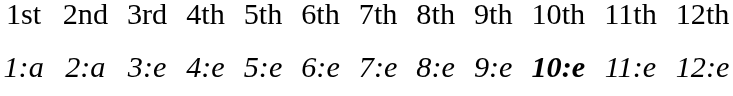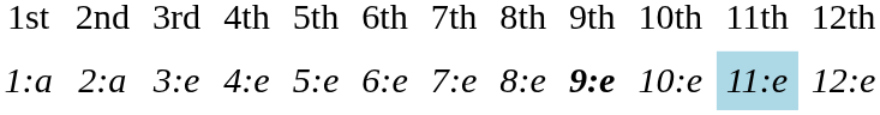 <table cellpadding="4" style="padding: 0.5em">
 <tr align="center">
 <td>1st</td>
 <td>2nd</td>
 <td>3rd</td>
 <td>4th</td>
 <td>5th</td>
 <td>6th</td>
 <td>7th</td>
 <td>8th</td>
 <td>9th</td>
 <td>10th</td>
 <td>11th</td>
 <td>12th</td>
 </tr>
 <tr align="center">
 <td><em>1:a</em></td>
 <td><em>2:a</em></td>
 <td><em>3:e</em></td>
 <td><em>4:e</em></td>
 <td><em>5:e</em></td>
 <td><em>6:e</em></td>
 <td><em>7:e</em></td>
 <td><em>8:e</em></td>
-<td><em>9:e</em></td>
-<td><strong><em>10:e</em></strong></td>
-<td><em>11:e</em></td>
+<td><strong><em>9:e</em></strong></td>
+<td><em>10:e</em></td>
+<td style="background: lightblue;"><em>11:e</em></td>
 <td><em>12:e</em></td>
 </tr>
 <tr align="center">
 <td></td>
 <td></td>
 <td></td>
 <td></td>
 <td></td>
 <td></td>
 <td></td>
 <td></td>
 <td></td>
 <td></td>
 <td></td>
 <td></td>
 </tr>
 </table>
